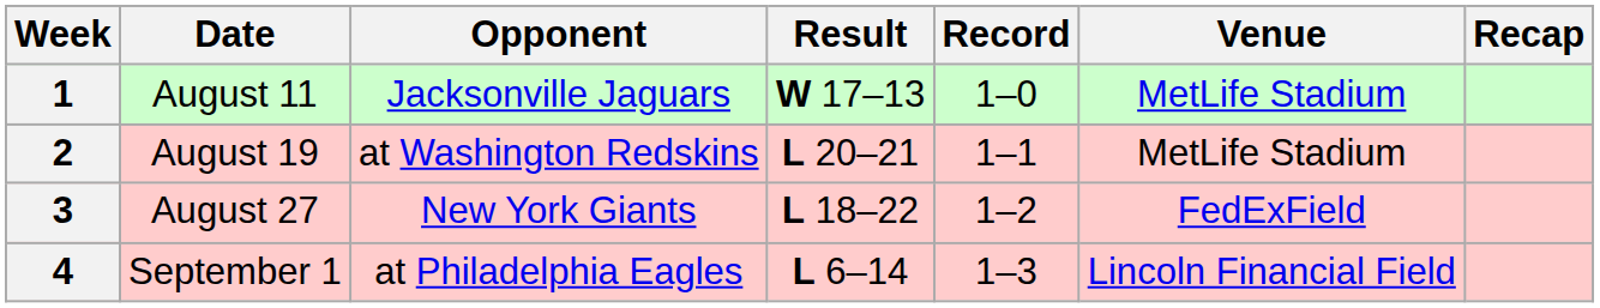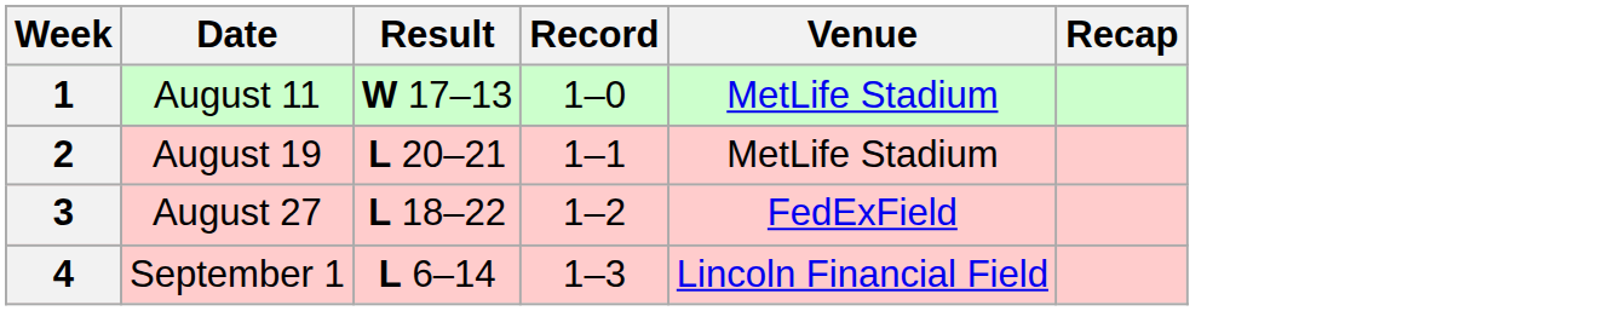 <table class="wikitable" style="text-align:center">
 <tr>
 <th>Week</th>
 <th>Date</th>
-<th>Opponent</th>
 <th>Result</th>
 <th>Record</th>
 <th>Venue</th>
 <th>Recap</th>
 </tr>
 <tr style="background:#cfc">
 <th>1</th>
 <td>August 11</td>
-<td><a href='#'>Jacksonville Jaguars</a></td>
 <td><strong>W</strong> 17–13</td>
 <td>1–0</td>
 <td><a href='#'>MetLife Stadium</a></td>
 <td></td>
 </tr>
 <tr style="background:#fcc">
 <th>2</th>
 <td>August 19</td>
-<td>at <a href='#'>Washington Redskins</a></td>
 <td><strong>L</strong> 20–21</td>
 <td>1–1</td>
 <td>MetLife Stadium</td>
 <td></td>
 </tr>
 <tr style="background:#fcc">
 <th>3</th>
 <td>August 27</td>
-<td><a href='#'>New York Giants</a></td>
 <td><strong>L</strong> 18–22</td>
 <td>1–2</td>
 <td><a href='#'>FedExField</a></td>
 <td></td>
 </tr>
 <tr style="background:#fcc">
 <th>4</th>
 <td>September 1</td>
-<td>at <a href='#'>Philadelphia Eagles</a></td>
 <td><strong>L</strong> 6–14</td>
 <td>1–3</td>
 <td><a href='#'>Lincoln Financial Field</a></td>
 <td></td>
 </tr>
 </table>
